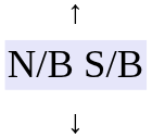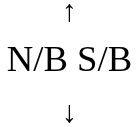 <table style="text-align:center;">
 <tr>
 <td><small> ↑  </small></td>
 </tr>
 <tr>
-<td style="background: lavender;"><span>N/B</span>   <span>S/B</span></td>
+<td><span>N/B</span>   <span>S/B</span></td>
 </tr>
 <tr>
 <td><small>  ↓ </small></td>
 </tr>
 </table>
